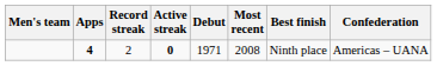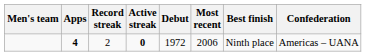 <table class="wikitable" style="text-align: center; font-size: 90%; margin-left: 1em;">
 <tr>
 <th>Men's team</th>
 <th>Apps</th>
 <th>Record<br>streak</th>
 <th>Active<br>streak</th>
 <th>Debut</th>
 <th>Most<br>recent</th>
 <th>Best finish</th>
 <th>Confederation</th>
 </tr>
 <tr>
 <td style="text-align: left;"></td>
 <td><strong>4</strong></td>
 <td>2</td>
 <td><strong>0</strong></td>
-<td>1971</td>
-<td>2008</td>
+<td>1972</td>
+<td>2006</td>
 <td>Ninth place</td>
 <td>Americas – UANA</td>
 </tr>
 </table>
